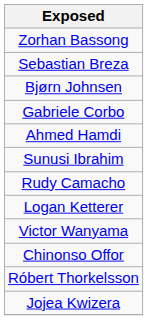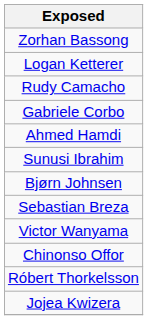 <table class="wikitable" style="text-align:center">
 <tr>
 <th>Exposed</th>
 </tr>
 <tr>
 <td><a href='#'>Zorhan Bassong</a></td>
 </tr>
 <tr>
-<td><a href='#'>Sebastian Breza</a></td>
+<td><a href='#'>Logan Ketterer</a></td>
 </tr>
 <tr>
-<td><a href='#'>Bjørn Johnsen</a></td>
+<td><a href='#'>Rudy Camacho</a></td>
 </tr>
 <tr>
 <td><a href='#'>Gabriele Corbo</a></td>
 </tr>
 <tr>
 <td><a href='#'>Ahmed Hamdi</a></td>
 </tr>
 <tr>
 <td><a href='#'>Sunusi Ibrahim</a></td>
 </tr>
 <tr>
-<td><a href='#'>Rudy Camacho</a></td>
+<td><a href='#'>Bjørn Johnsen</a></td>
 </tr>
 <tr>
-<td><a href='#'>Logan Ketterer</a></td>
+<td><a href='#'>Sebastian Breza</a></td>
 </tr>
 <tr>
 <td><a href='#'>Victor Wanyama</a></td>
 </tr>
 <tr>
 <td><a href='#'>Chinonso Offor</a></td>
 </tr>
 <tr>
 <td><a href='#'>Róbert Thorkelsson</a></td>
 </tr>
 <tr>
 <td><a href='#'>Jojea Kwizera</a></td>
 </tr>
 <tr>
 </tr>
 </table>
